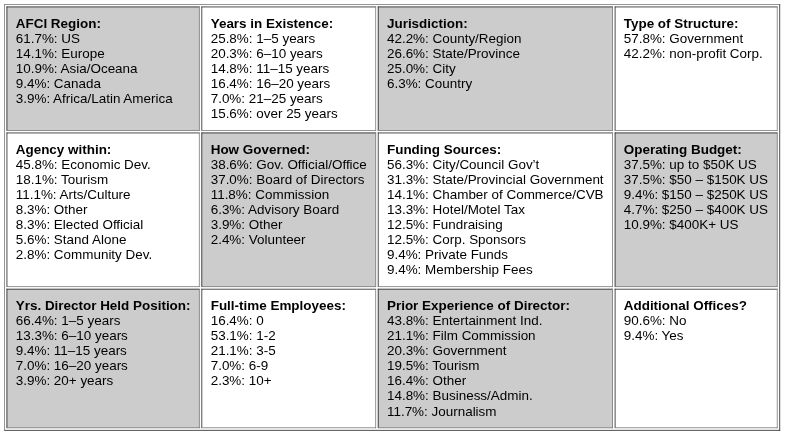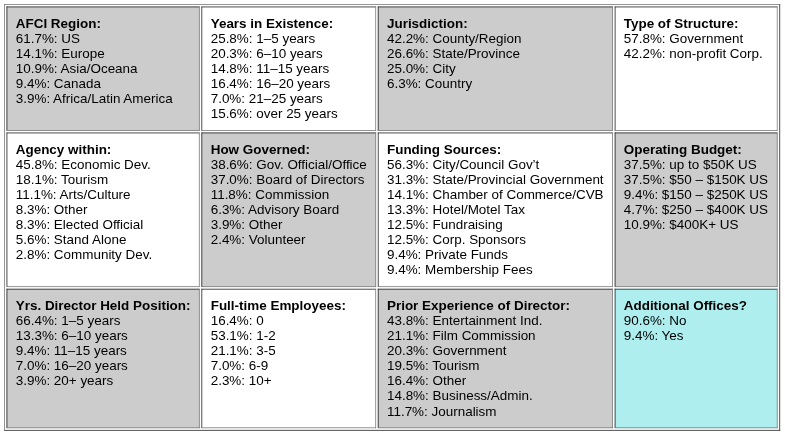 <table border="1" cellpadding="10">
 <tr valign="top">
 <td style="background:#CCC"><strong>AFCI Region:</strong><br>61.7%: US<br>14.1%: Europe<br>10.9%: Asia/Oceana<br>9.4%: Canada<br>3.9%: Africa/Latin America</td>
 <td><strong>Years in Existence:</strong><br>25.8%: 1–5 years<br>20.3%: 6–10 years<br>14.8%: 11–15 years<br>16.4%: 16–20 years<br>7.0%: 21–25 years<br>15.6%: over 25 years</td>
 <td style="background:#CCC"><strong>Jurisdiction:</strong><br>42.2%: County/Region<br>26.6%: State/Province<br>25.0%: City<br>6.3%: Country</td>
 <td><strong>Type of Structure:</strong><br>57.8%: Government<br>42.2%: non-profit Corp.</td>
 </tr>
 <tr valign="top">
 <td><strong>Agency within:</strong><br>45.8%: Economic Dev.<br>18.1%: Tourism<br>11.1%: Arts/Culture<br>8.3%:  Other<br>8.3%: Elected Official<br>5.6%: Stand Alone<br>2.8%: Community Dev.</td>
 <td style="background:#CCC"><strong>How Governed:</strong><br>38.6%: Gov. Official/Office<br>37.0%: Board of Directors<br>11.8%: Commission<br>6.3%: Advisory Board<br>3.9%: Other<br>2.4%:  Volunteer</td>
 <td><strong>Funding Sources:</strong><br>56.3%: City/Council Gov’t<br>31.3%: State/Provincial Government<br>14.1%: Chamber of Commerce/CVB<br>13.3%: Hotel/Motel Tax<br>12.5%: Fundraising<br>12.5%: Corp. Sponsors<br>9.4%:  Private Funds<br>9.4%:  Membership Fees</td>
 <td style="background:#CCC"><strong>Operating Budget:</strong><br>37.5%: up to $50K US<br>37.5%: $50 – $150K US<br>9.4%: $150 – $250K US<br>4.7%: $250 – $400K US<br>10.9%: $400K+ US</td>
 </tr>
 <tr valign="top">
 <td style="background:#CCC"><strong>Yrs. Director Held Position:</strong><br>66.4%: 1–5 years<br>13.3%: 6–10 years<br>9.4%: 11–15 years<br>7.0%: 16–20 years<br>3.9%: 20+ years</td>
 <td><strong>Full-time Employees:</strong><br>16.4%: 0<br>53.1%: 1-2<br>21.1%: 3-5<br>7.0%: 6-9<br>2.3%: 10+</td>
 <td style="background:#CCC"><strong>Prior Experience of Director:</strong><br>43.8%: Entertainment Ind.<br>21.1%: Film Commission<br>20.3%: Government<br>19.5%: Tourism<br>16.4%: Other<br>14.8%: Business/Admin.<br>11.7%: Journalism</td>
-<td><strong>Additional Offices?</strong><br>90.6%: No<br>9.4%:  Yes</td>
+<td style="background: paleturquoise;"><strong>Additional Offices?</strong><br>90.6%: No<br>9.4%:  Yes</td>
 </tr>
 </table>
